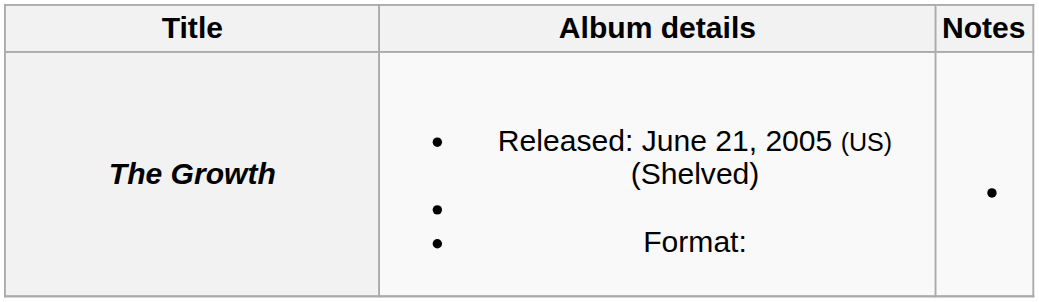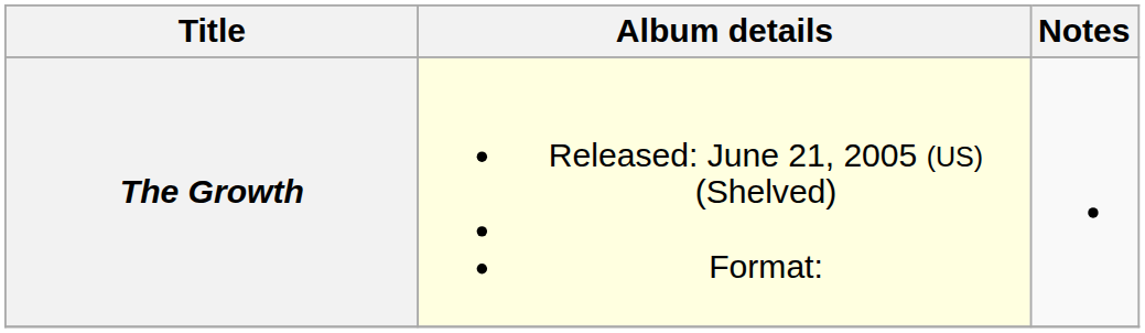 <table class="wikitable plainrowheaders" style="text-align:center;">
 <tr>
 <th scope="col" style="width:12em;">Title</th>
 <th scope="col" style="width:18em;">Album details</th>
 <th scope="col">Notes</th>
 </tr>
 <tr>
 <th scope="row"><em>The Growth</em></th>
-<td><br><ul><li>Released: June 21, 2005 <small>(US)</small> (Shelved)</li><li></li><li>Format:</li></ul></td>
+<td style="background: lightyellow;"><br><ul><li>Released: June 21, 2005 <small>(US)</small> (Shelved)</li><li></li><li>Format:</li></ul></td>
 <td><br><ul><li></li></ul></td>
 </tr>
 <tr>
 </tr>
 </table>
